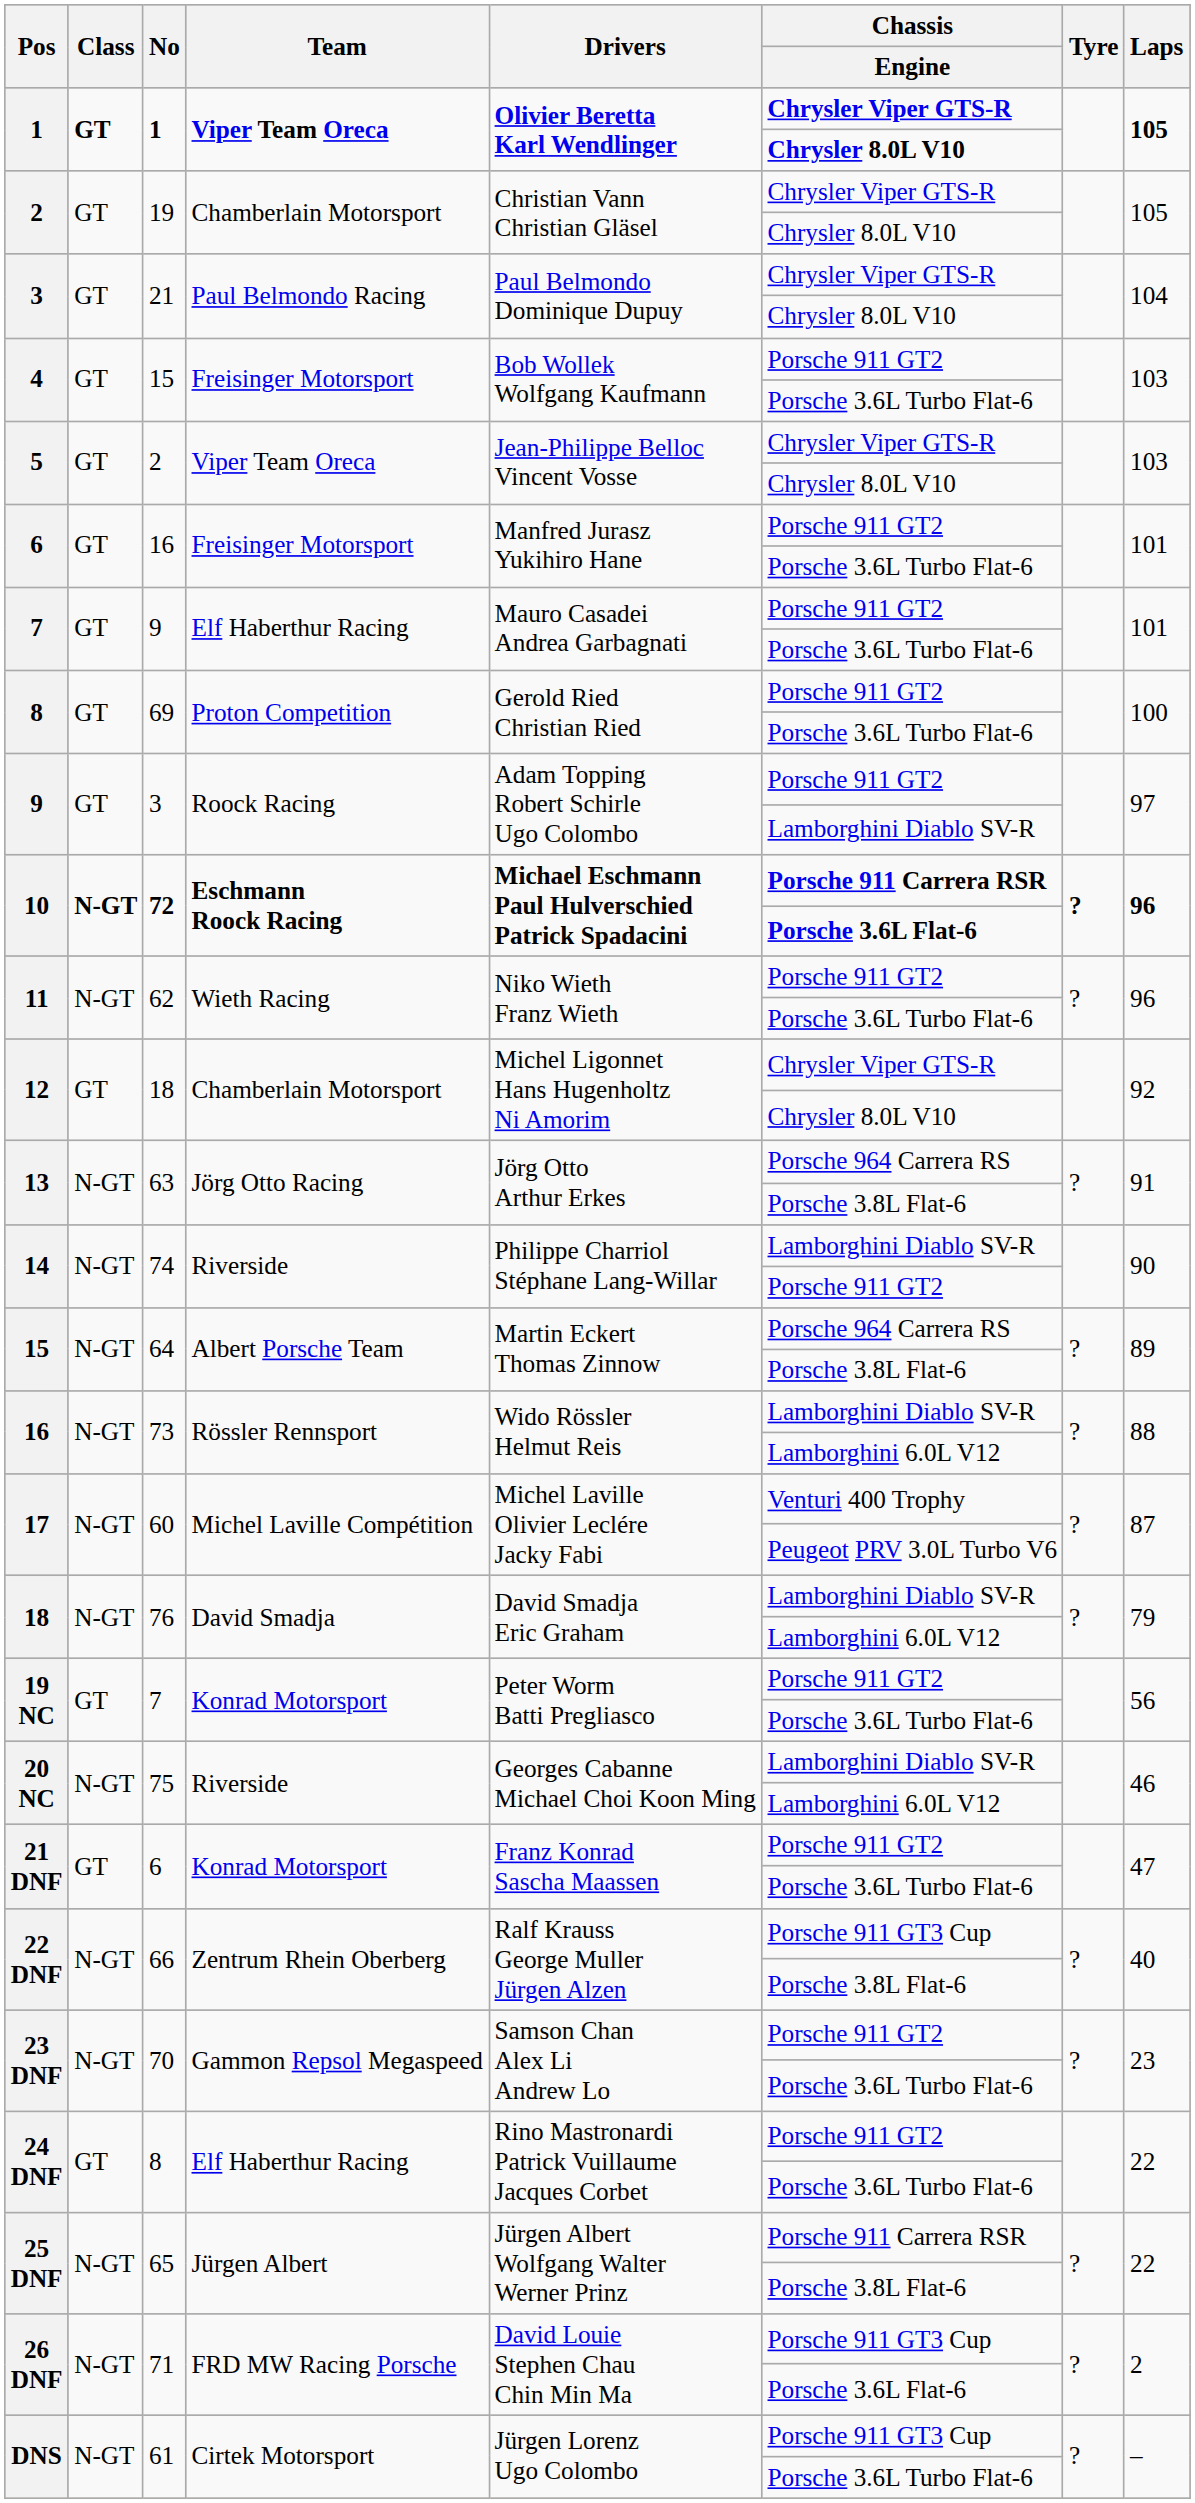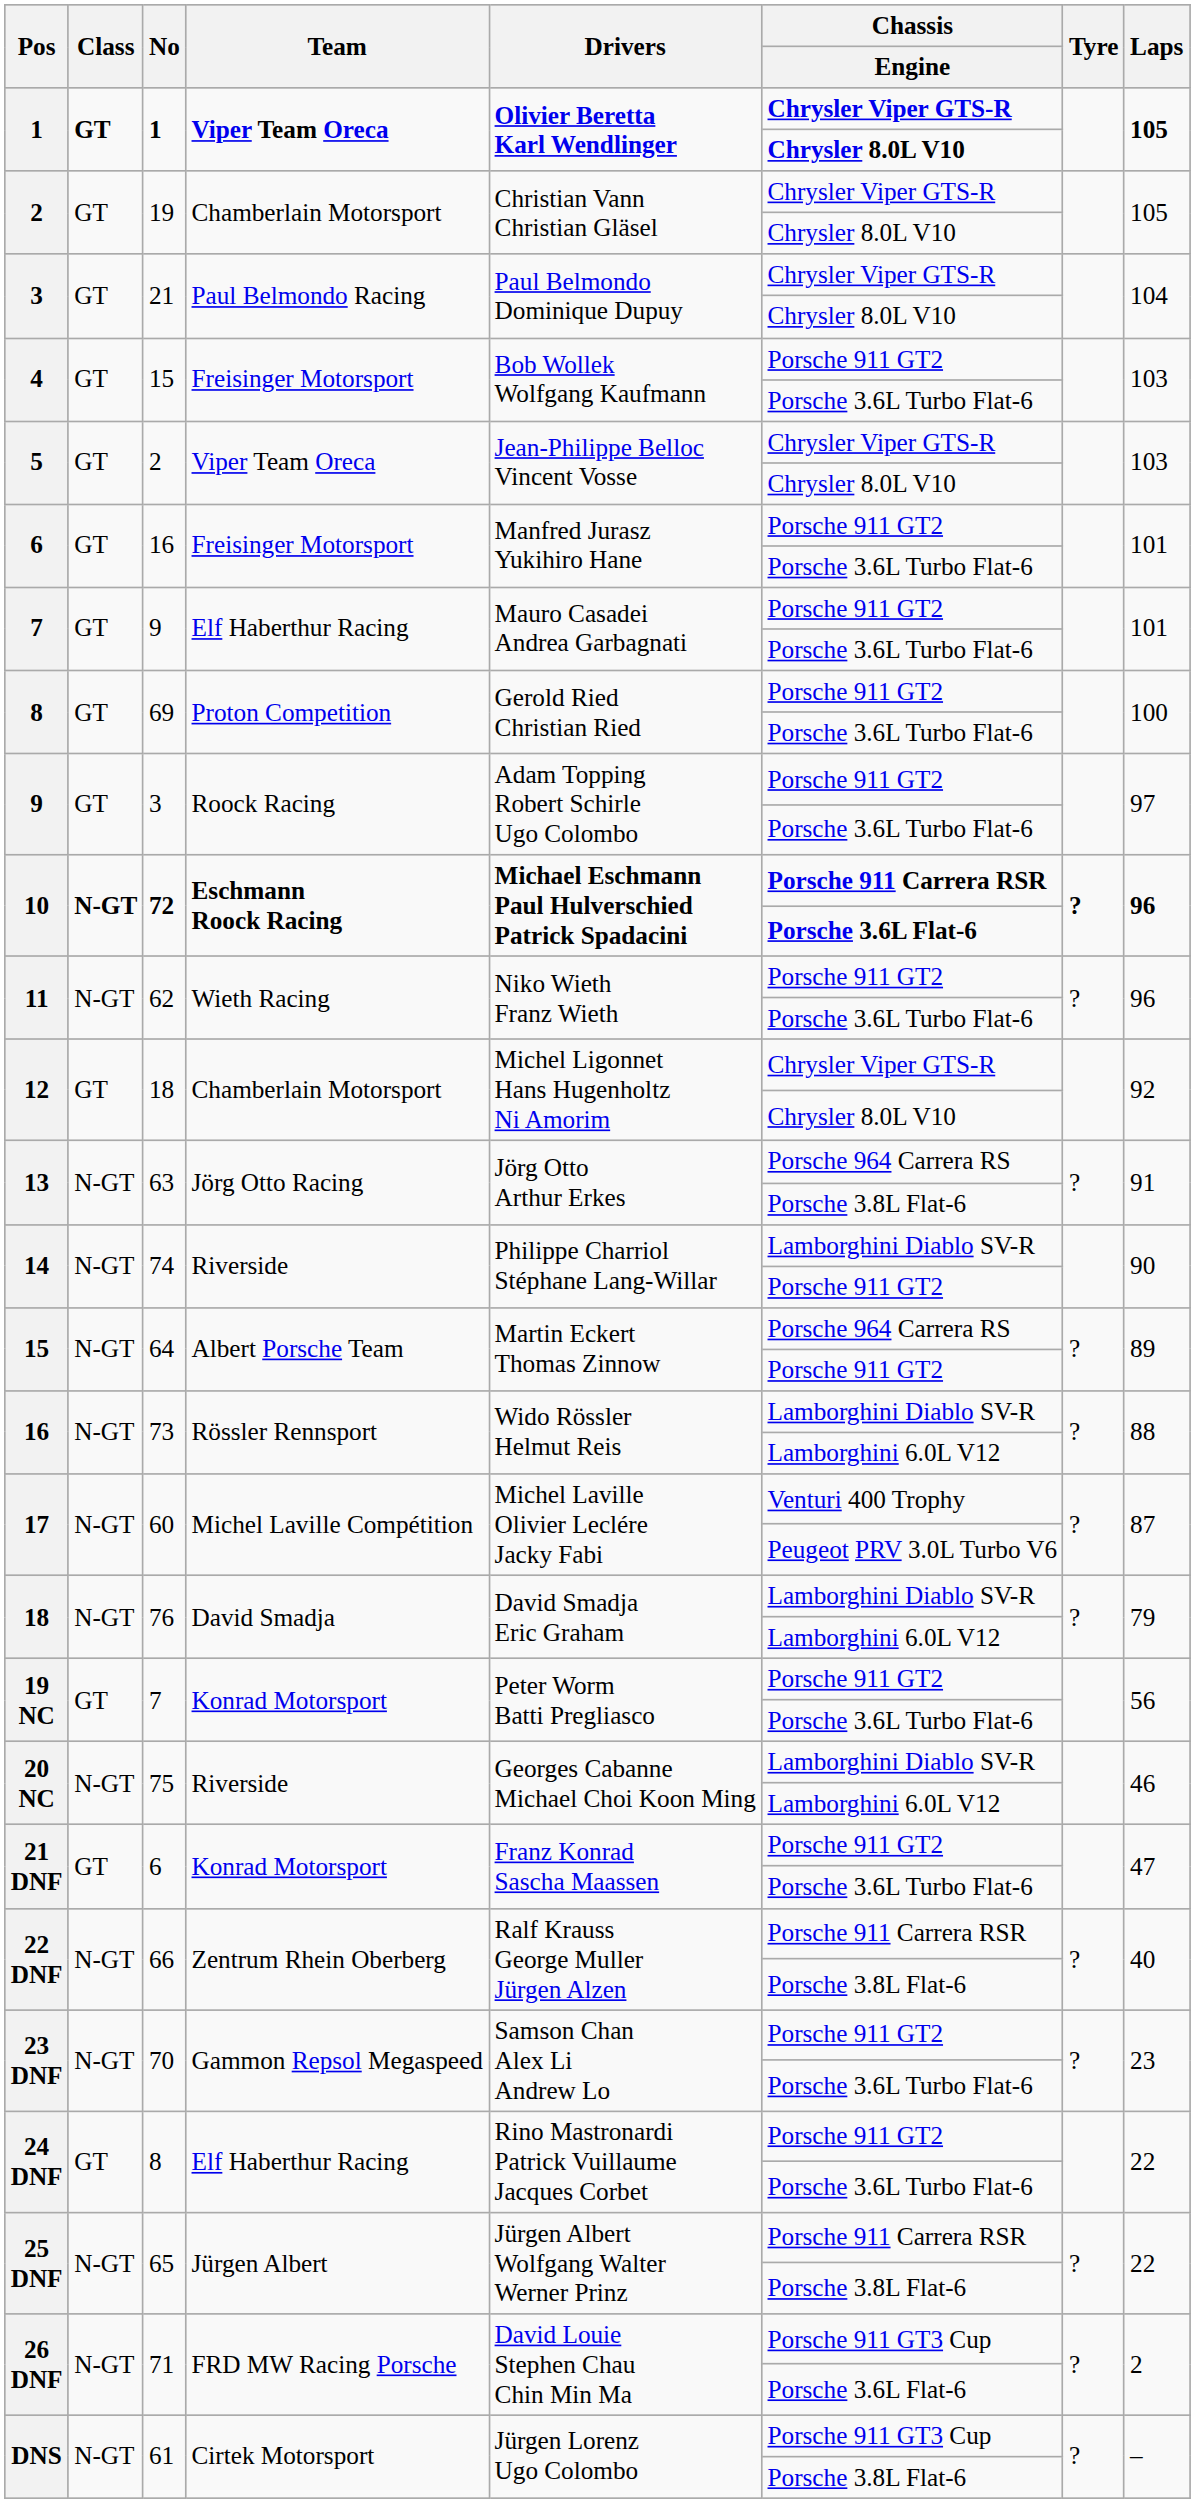 <table class="wikitable" style="font-size: 95%;">
 <tr>
 <th rowspan=2>Pos</th>
 <th rowspan=2>Class</th>
 <th rowspan=2>No</th>
 <th rowspan=2>Team</th>
 <th rowspan=2>Drivers</th>
 <th>Chassis</th>
 <th rowspan=2>Tyre</th>
 <th rowspan=2>Laps</th>
 </tr>
 <tr>
 <th>Engine</th>
 </tr>
 <tr style="font-weight:bold">
 <th rowspan=2>1</th>
 <td rowspan=2>GT</td>
 <td rowspan=2>1</td>
 <td rowspan=2> <a href='#'>Viper</a> Team <a href='#'>Oreca</a></td>
 <td rowspan=2> <a href='#'>Olivier Beretta</a><br> <a href='#'>Karl Wendlinger</a></td>
 <td><a href='#'>Chrysler Viper GTS-R</a></td>
 <td rowspan=2></td>
 <td rowspan=2>105</td>
 </tr>
 <tr style="font-weight:bold">
 <td><a href='#'>Chrysler</a> 8.0L V10</td>
 </tr>
 <tr>
 <th rowspan=2>2</th>
 <td rowspan=2>GT</td>
 <td rowspan=2>19</td>
 <td rowspan=2> Chamberlain Motorsport</td>
 <td rowspan=2> Christian Vann<br> Christian Gläsel</td>
 <td><a href='#'>Chrysler Viper GTS-R</a></td>
 <td rowspan=2></td>
 <td rowspan=2>105</td>
 </tr>
 <tr>
 <td><a href='#'>Chrysler</a> 8.0L V10</td>
 </tr>
 <tr>
 <th rowspan=2>3</th>
 <td rowspan=2>GT</td>
 <td rowspan=2>21</td>
 <td rowspan=2> <a href='#'>Paul Belmondo</a> Racing</td>
 <td rowspan=2> <a href='#'>Paul Belmondo</a><br> Dominique Dupuy</td>
 <td><a href='#'>Chrysler Viper GTS-R</a></td>
 <td rowspan=2></td>
 <td rowspan=2>104</td>
 </tr>
 <tr>
 <td><a href='#'>Chrysler</a> 8.0L V10</td>
 </tr>
 <tr>
 <th rowspan=2>4</th>
 <td rowspan=2>GT</td>
 <td rowspan=2>15</td>
 <td rowspan=2> <a href='#'>Freisinger Motorsport</a></td>
 <td rowspan=2> <a href='#'>Bob Wollek</a><br> Wolfgang Kaufmann</td>
 <td><a href='#'>Porsche 911 GT2</a></td>
 <td rowspan=2></td>
 <td rowspan=2>103</td>
 </tr>
 <tr>
 <td><a href='#'>Porsche</a> 3.6L Turbo Flat-6</td>
 </tr>
 <tr>
 <th rowspan=2>5</th>
 <td rowspan=2>GT</td>
 <td rowspan=2>2</td>
 <td rowspan=2> <a href='#'>Viper</a> Team <a href='#'>Oreca</a></td>
 <td rowspan=2> <a href='#'>Jean-Philippe Belloc</a><br> Vincent Vosse</td>
 <td><a href='#'>Chrysler Viper GTS-R</a></td>
 <td rowspan=2></td>
 <td rowspan=2>103</td>
 </tr>
 <tr>
 <td><a href='#'>Chrysler</a> 8.0L V10</td>
 </tr>
 <tr>
 <th rowspan=2>6</th>
 <td rowspan=2>GT</td>
 <td rowspan=2>16</td>
 <td rowspan=2> <a href='#'>Freisinger Motorsport</a></td>
 <td rowspan=2> Manfred Jurasz<br> Yukihiro Hane</td>
 <td><a href='#'>Porsche 911 GT2</a></td>
 <td rowspan=2></td>
 <td rowspan=2>101</td>
 </tr>
 <tr>
 <td><a href='#'>Porsche</a> 3.6L Turbo Flat-6</td>
 </tr>
 <tr>
 <th rowspan=2>7</th>
 <td rowspan=2>GT</td>
 <td rowspan=2>9</td>
 <td rowspan=2> <a href='#'>Elf</a> Haberthur Racing</td>
 <td rowspan=2> Mauro Casadei<br> Andrea Garbagnati</td>
 <td><a href='#'>Porsche 911 GT2</a></td>
 <td rowspan=2></td>
 <td rowspan=2>101</td>
 </tr>
 <tr>
 <td><a href='#'>Porsche</a> 3.6L Turbo Flat-6</td>
 </tr>
 <tr>
 <th rowspan=2>8</th>
 <td rowspan=2>GT</td>
 <td rowspan=2>69</td>
 <td rowspan=2> <a href='#'>Proton Competition</a></td>
 <td rowspan=2> Gerold Ried<br> Christian Ried</td>
 <td><a href='#'>Porsche 911 GT2</a></td>
 <td rowspan=2></td>
 <td rowspan=2>100</td>
 </tr>
 <tr>
 <td><a href='#'>Porsche</a> 3.6L Turbo Flat-6</td>
 </tr>
 <tr>
 <th rowspan=2>9</th>
 <td rowspan=2>GT</td>
 <td rowspan=2>3</td>
 <td rowspan=2> Roock Racing</td>
 <td rowspan=2> Adam Topping<br> Robert Schirle<br> Ugo Colombo</td>
 <td><a href='#'>Porsche 911 GT2</a></td>
 <td rowspan=2></td>
 <td rowspan=2>97</td>
 </tr>
 <tr>
-<td><a href='#'>Lamborghini Diablo</a> SV-R</td>
+<td><a href='#'>Porsche</a> 3.6L Turbo Flat-6</td>
 </tr>
 <tr style="font-weight:bold">
 <th rowspan=2>10</th>
 <td rowspan=2>N-GT</td>
 <td rowspan=2>72</td>
 <td rowspan=2> Eschmann<br> Roock Racing</td>
 <td rowspan=2> Michael Eschmann<br> Paul Hulverschied<br> Patrick Spadacini</td>
 <td><a href='#'>Porsche 911</a> Carrera RSR</td>
 <td rowspan=2>?</td>
 <td rowspan=2>96</td>
 </tr>
 <tr style="font-weight:bold">
 <td><a href='#'>Porsche</a> 3.6L Flat-6</td>
 </tr>
 <tr>
 <th rowspan=2>11</th>
 <td rowspan=2>N-GT</td>
 <td rowspan=2>62</td>
 <td rowspan=2> Wieth Racing</td>
 <td rowspan=2> Niko Wieth<br> Franz Wieth</td>
 <td><a href='#'>Porsche 911 GT2</a></td>
 <td rowspan=2>?</td>
 <td rowspan=2>96</td>
 </tr>
 <tr>
 <td><a href='#'>Porsche</a> 3.6L Turbo Flat-6</td>
 </tr>
 <tr>
 <th rowspan=2>12</th>
 <td rowspan=2>GT</td>
 <td rowspan=2>18</td>
 <td rowspan=2> Chamberlain Motorsport</td>
 <td rowspan=2> Michel Ligonnet<br> Hans Hugenholtz<br> <a href='#'>Ni Amorim</a></td>
 <td><a href='#'>Chrysler Viper GTS-R</a></td>
 <td rowspan=2></td>
 <td rowspan=2>92</td>
 </tr>
 <tr>
 <td><a href='#'>Chrysler</a> 8.0L V10</td>
 </tr>
 <tr>
 <th rowspan=2>13</th>
 <td rowspan=2>N-GT</td>
 <td rowspan=2>63</td>
 <td rowspan=2> Jörg Otto Racing</td>
 <td rowspan=2> Jörg Otto<br> Arthur Erkes</td>
 <td><a href='#'>Porsche 964</a> Carrera RS</td>
 <td rowspan=2>?</td>
 <td rowspan=2>91</td>
 </tr>
 <tr>
 <td><a href='#'>Porsche</a> 3.8L Flat-6</td>
 </tr>
 <tr>
 <th rowspan=2>14</th>
 <td rowspan=2>N-GT</td>
 <td rowspan=2>74</td>
 <td rowspan=2> Riverside</td>
 <td rowspan=2> Philippe Charriol<br> Stéphane Lang-Willar</td>
 <td><a href='#'>Lamborghini Diablo</a> SV-R</td>
 <td rowspan=2></td>
 <td rowspan=2>90</td>
 </tr>
 <tr>
 <td><a href='#'>Porsche 911 GT2</a></td>
 </tr>
 <tr>
 <th rowspan=2>15</th>
 <td rowspan=2>N-GT</td>
 <td rowspan=2>64</td>
 <td rowspan=2> Albert <a href='#'>Porsche</a> Team</td>
 <td rowspan=2> Martin Eckert<br> Thomas Zinnow</td>
 <td><a href='#'>Porsche 964</a> Carrera RS</td>
 <td rowspan=2>?</td>
 <td rowspan=2>89</td>
 </tr>
 <tr>
-<td><a href='#'>Porsche</a> 3.8L Flat-6</td>
+<td><a href='#'>Porsche 911 GT2</a></td>
 </tr>
 <tr>
 <th rowspan=2>16</th>
 <td rowspan=2>N-GT</td>
 <td rowspan=2>73</td>
 <td rowspan=2> Rössler Rennsport</td>
 <td rowspan=2> Wido Rössler<br> Helmut Reis</td>
 <td><a href='#'>Lamborghini Diablo</a> SV-R</td>
 <td rowspan=2>?</td>
 <td rowspan=2>88</td>
 </tr>
 <tr>
 <td><a href='#'>Lamborghini</a> 6.0L V12</td>
 </tr>
 <tr>
 <th rowspan=2>17</th>
 <td rowspan=2>N-GT</td>
 <td rowspan=2>60</td>
 <td rowspan=2> Michel Laville Compétition</td>
 <td rowspan=2> Michel Laville<br> Olivier Leclére<br> Jacky Fabi</td>
 <td><a href='#'>Venturi</a> 400 Trophy</td>
 <td rowspan=2>?</td>
 <td rowspan=2>87</td>
 </tr>
 <tr>
 <td><a href='#'>Peugeot</a> <a href='#'>PRV</a> 3.0L Turbo V6</td>
 </tr>
 <tr>
 <th rowspan=2>18</th>
 <td rowspan=2>N-GT</td>
 <td rowspan=2>76</td>
 <td rowspan=2> David Smadja</td>
 <td rowspan=2> David Smadja<br> Eric Graham</td>
 <td><a href='#'>Lamborghini Diablo</a> SV-R</td>
 <td rowspan=2>?</td>
 <td rowspan=2>79</td>
 </tr>
 <tr>
 <td><a href='#'>Lamborghini</a> 6.0L V12</td>
 </tr>
 <tr>
 <th rowspan=2>19<br>NC</th>
 <td rowspan=2>GT</td>
 <td rowspan=2>7</td>
 <td rowspan=2> <a href='#'>Konrad Motorsport</a></td>
 <td rowspan=2> Peter Worm<br> Batti Pregliasco</td>
 <td><a href='#'>Porsche 911 GT2</a></td>
 <td rowspan=2></td>
 <td rowspan=2>56</td>
 </tr>
 <tr>
 <td><a href='#'>Porsche</a> 3.6L Turbo Flat-6</td>
 </tr>
 <tr>
 <th rowspan=2>20<br>NC</th>
 <td rowspan=2>N-GT</td>
 <td rowspan=2>75</td>
 <td rowspan=2> Riverside</td>
 <td rowspan=2> Georges Cabanne<br> Michael Choi Koon Ming</td>
 <td><a href='#'>Lamborghini Diablo</a> SV-R</td>
 <td rowspan=2></td>
 <td rowspan=2>46</td>
 </tr>
 <tr>
 <td><a href='#'>Lamborghini</a> 6.0L V12</td>
 </tr>
 <tr>
 <th rowspan=2>21<br>DNF</th>
 <td rowspan=2>GT</td>
 <td rowspan=2>6</td>
 <td rowspan=2> <a href='#'>Konrad Motorsport</a></td>
 <td rowspan=2> <a href='#'>Franz Konrad</a><br> <a href='#'>Sascha Maassen</a></td>
 <td><a href='#'>Porsche 911 GT2</a></td>
 <td rowspan=2></td>
 <td rowspan=2>47</td>
 </tr>
 <tr>
 <td><a href='#'>Porsche</a> 3.6L Turbo Flat-6</td>
 </tr>
 <tr>
 <th rowspan=2>22<br>DNF</th>
 <td rowspan=2>N-GT</td>
 <td rowspan=2>66</td>
 <td rowspan=2> Zentrum Rhein Oberberg</td>
 <td rowspan=2> Ralf Krauss<br> George Muller<br> <a href='#'>Jürgen Alzen</a></td>
-<td><a href='#'>Porsche 911 GT3</a> Cup</td>
+<td><a href='#'>Porsche 911</a> Carrera RSR</td>
 <td rowspan=2>?</td>
 <td rowspan=2>40</td>
 </tr>
 <tr>
 <td><a href='#'>Porsche</a> 3.8L Flat-6</td>
 </tr>
 <tr>
 <th rowspan=2>23<br>DNF</th>
 <td rowspan=2>N-GT</td>
 <td rowspan=2>70</td>
 <td rowspan=2> Gammon <a href='#'>Repsol</a> Megaspeed</td>
 <td rowspan=2> Samson Chan<br> Alex Li<br> Andrew Lo</td>
 <td><a href='#'>Porsche 911 GT2</a></td>
 <td rowspan=2>?</td>
 <td rowspan=2>23</td>
 </tr>
 <tr>
 <td><a href='#'>Porsche</a> 3.6L Turbo Flat-6</td>
 </tr>
 <tr>
 <th rowspan=2>24<br>DNF</th>
 <td rowspan=2>GT</td>
 <td rowspan=2>8</td>
 <td rowspan=2> <a href='#'>Elf</a> Haberthur Racing</td>
 <td rowspan=2> Rino Mastronardi<br> Patrick Vuillaume<br> Jacques Corbet</td>
 <td><a href='#'>Porsche 911 GT2</a></td>
 <td rowspan=2></td>
 <td rowspan=2>22</td>
 </tr>
 <tr>
 <td><a href='#'>Porsche</a> 3.6L Turbo Flat-6</td>
 </tr>
 <tr>
 <th rowspan=2>25<br>DNF</th>
 <td rowspan=2>N-GT</td>
 <td rowspan=2>65</td>
 <td rowspan=2> Jürgen Albert</td>
 <td rowspan=2> Jürgen Albert<br> Wolfgang Walter<br> Werner Prinz</td>
 <td><a href='#'>Porsche 911</a> Carrera RSR</td>
 <td rowspan=2>?</td>
 <td rowspan=2>22</td>
 </tr>
 <tr>
 <td><a href='#'>Porsche</a> 3.8L Flat-6</td>
 </tr>
 <tr>
 <th rowspan=2>26<br>DNF</th>
 <td rowspan=2>N-GT</td>
 <td rowspan=2>71</td>
 <td rowspan=2> FRD MW Racing <a href='#'>Porsche</a></td>
 <td rowspan=2> <a href='#'>David Louie</a><br> Stephen Chau<br> Chin Min Ma</td>
 <td><a href='#'>Porsche 911 GT3</a> Cup</td>
 <td rowspan=2>?</td>
 <td rowspan=2>2</td>
 </tr>
 <tr>
 <td><a href='#'>Porsche</a> 3.6L Flat-6</td>
 </tr>
 <tr>
 <th rowspan=2>DNS</th>
 <td rowspan=2>N-GT</td>
 <td rowspan=2>61</td>
 <td rowspan=2> Cirtek Motorsport</td>
 <td rowspan=2> Jürgen Lorenz<br> Ugo Colombo</td>
 <td><a href='#'>Porsche 911 GT3</a> Cup</td>
 <td rowspan=2>?</td>
 <td rowspan=2>–</td>
 </tr>
 <tr>
-<td><a href='#'>Porsche</a> 3.6L Turbo Flat-6</td>
+<td><a href='#'>Porsche</a> 3.8L Flat-6</td>
 </tr>
 </table>
